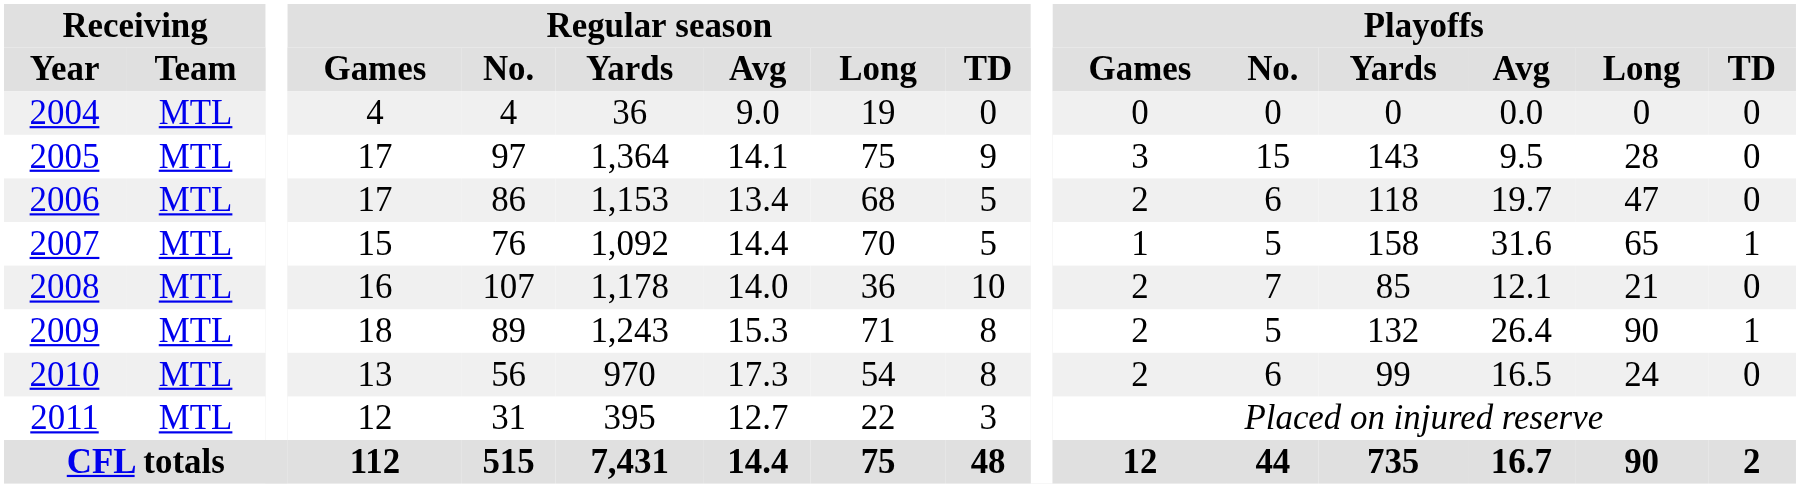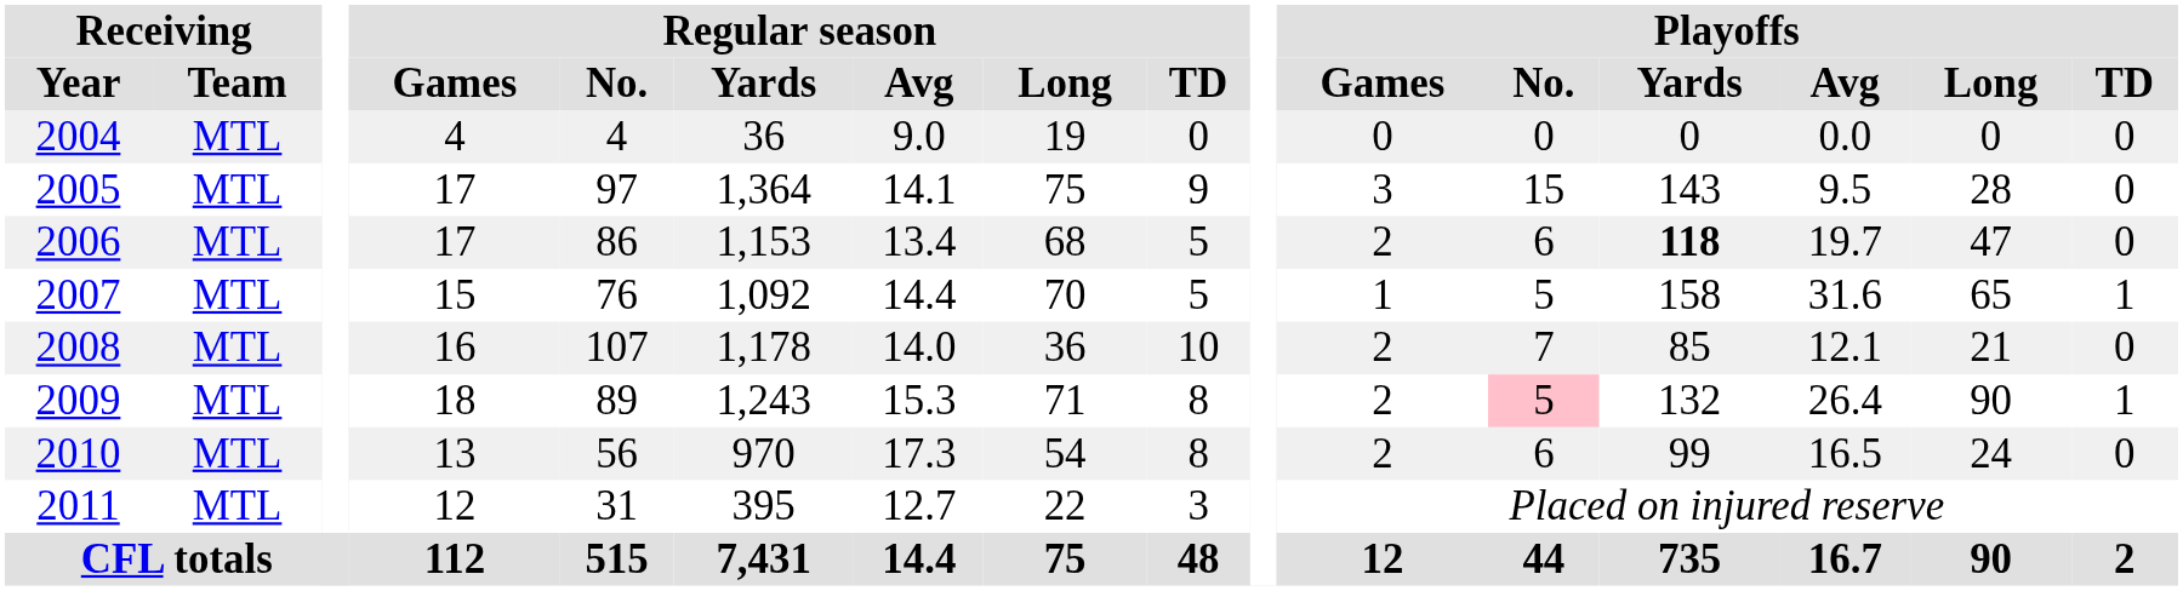 <table BORDER="0" CELLPADDING="1" CELLSPACING="0" width="65%" style="text-align:center">
 <tr bgcolor="#e0e0e0">
 <th colspan="2">Receiving</th>
 <th rowspan="99" bgcolor="#ffffff"> </th>
 <th colspan="6">Regular season</th>
 <th rowspan="99" bgcolor="#ffffff"> </th>
 <th colspan="6">Playoffs</th>
 </tr>
 <tr bgcolor="#e0e0e0">
 <th>Year</th>
 <th>Team</th>
 <th>Games</th>
 <th>No.</th>
 <th>Yards</th>
 <th>Avg</th>
 <th>Long</th>
 <th>TD</th>
 <th>Games</th>
 <th>No.</th>
 <th>Yards</th>
 <th>Avg</th>
 <th>Long</th>
 <th>TD</th>
 </tr>
 <tr ALIGN="center" bgcolor="#f0f0f0">
 <td><a href='#'>2004</a></td>
 <td><a href='#'>MTL</a></td>
 <td>4</td>
 <td>4</td>
 <td>36</td>
 <td>9.0</td>
 <td>19</td>
 <td>0</td>
 <td>0</td>
 <td>0</td>
 <td>0</td>
 <td>0.0</td>
 <td>0</td>
 <td>0</td>
 </tr>
 <tr ALIGN="center">
 <td><a href='#'>2005</a></td>
 <td><a href='#'>MTL</a></td>
 <td>17</td>
 <td>97</td>
 <td>1,364</td>
 <td>14.1</td>
 <td>75</td>
 <td>9</td>
 <td>3</td>
 <td>15</td>
 <td>143</td>
 <td>9.5</td>
 <td>28</td>
 <td>0</td>
 </tr>
 <tr ALIGN="center" bgcolor="#f0f0f0">
 <td><a href='#'>2006</a></td>
 <td><a href='#'>MTL</a></td>
 <td>17</td>
 <td>86</td>
 <td>1,153</td>
 <td>13.4</td>
 <td>68</td>
 <td>5</td>
 <td>2</td>
 <td>6</td>
-<td>118</td>
+<td><strong>118</strong></td>
 <td>19.7</td>
 <td>47</td>
 <td>0</td>
 </tr>
 <tr ALIGN="center">
 <td><a href='#'>2007</a></td>
 <td><a href='#'>MTL</a></td>
 <td>15</td>
 <td>76</td>
 <td>1,092</td>
 <td>14.4</td>
 <td>70</td>
 <td>5</td>
 <td>1</td>
 <td>5</td>
 <td>158</td>
 <td>31.6</td>
 <td>65</td>
 <td>1</td>
 </tr>
 <tr ALIGN="center" bgcolor="#f0f0f0">
 <td><a href='#'>2008</a></td>
 <td><a href='#'>MTL</a></td>
 <td>16</td>
 <td>107</td>
 <td>1,178</td>
 <td>14.0</td>
 <td>36</td>
 <td>10</td>
 <td>2</td>
 <td>7</td>
 <td>85</td>
 <td>12.1</td>
 <td>21</td>
 <td>0</td>
 </tr>
 <tr ALIGN="center">
 <td><a href='#'>2009</a></td>
 <td><a href='#'>MTL</a></td>
 <td>18</td>
 <td>89</td>
 <td>1,243</td>
 <td>15.3</td>
 <td>71</td>
 <td>8</td>
 <td>2</td>
-<td>5</td>
+<td style="background: pink;">5</td>
 <td>132</td>
 <td>26.4</td>
 <td>90</td>
 <td>1</td>
 </tr>
 <tr ALIGN="center" bgcolor="#f0f0f0">
 <td><a href='#'>2010</a></td>
 <td><a href='#'>MTL</a></td>
 <td>13</td>
 <td>56</td>
 <td>970</td>
 <td>17.3</td>
 <td>54</td>
 <td>8</td>
 <td>2</td>
 <td>6</td>
 <td>99</td>
 <td>16.5</td>
 <td>24</td>
 <td>0</td>
 </tr>
 <tr ALIGN="center">
 <td><a href='#'>2011</a></td>
 <td><a href='#'>MTL</a></td>
 <td>12</td>
 <td>31</td>
 <td>395</td>
 <td>12.7</td>
 <td>22</td>
 <td>3</td>
 <td colspan="6"><em>Placed on injured reserve</em></td>
 </tr>
 <tr bgcolor="#e0e0e0">
 <th colspan="3"><a href='#'>CFL</a> totals</th>
 <th>112</th>
 <th>515</th>
 <th>7,431</th>
 <th>14.4</th>
 <th>75</th>
 <th>48</th>
 <th>12</th>
 <th>44</th>
 <th>735</th>
 <th>16.7</th>
 <th>90</th>
 <th>2</th>
 </tr>
 </table>
